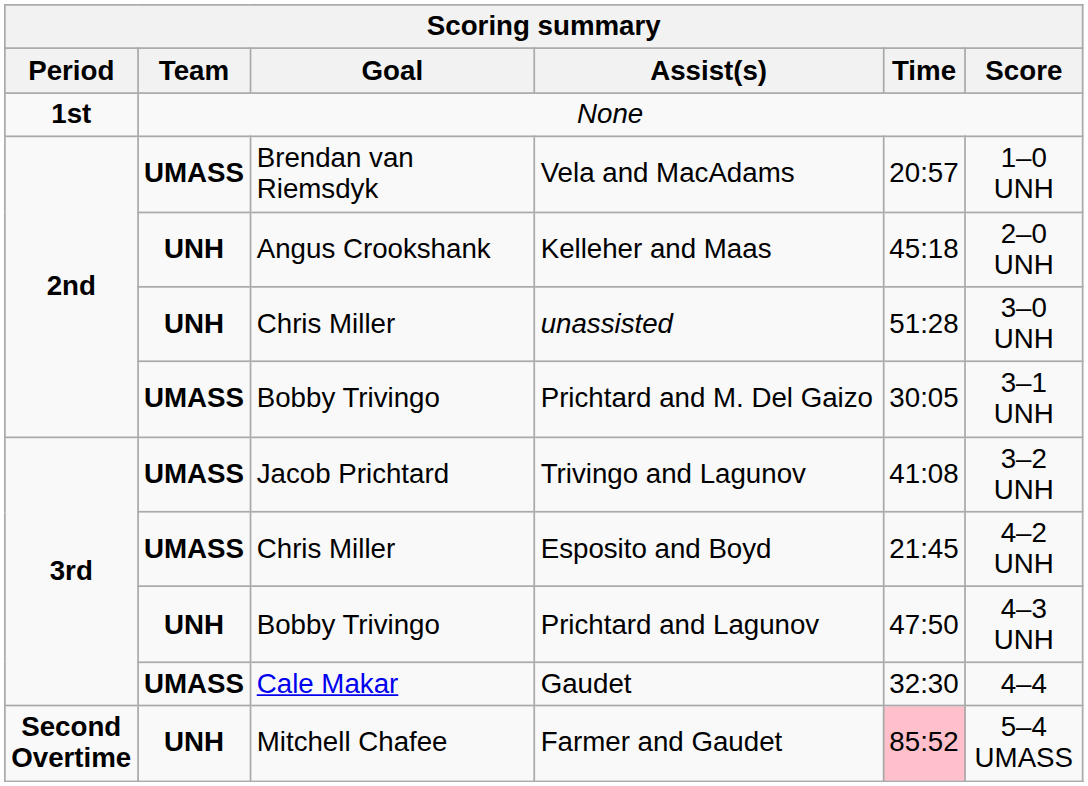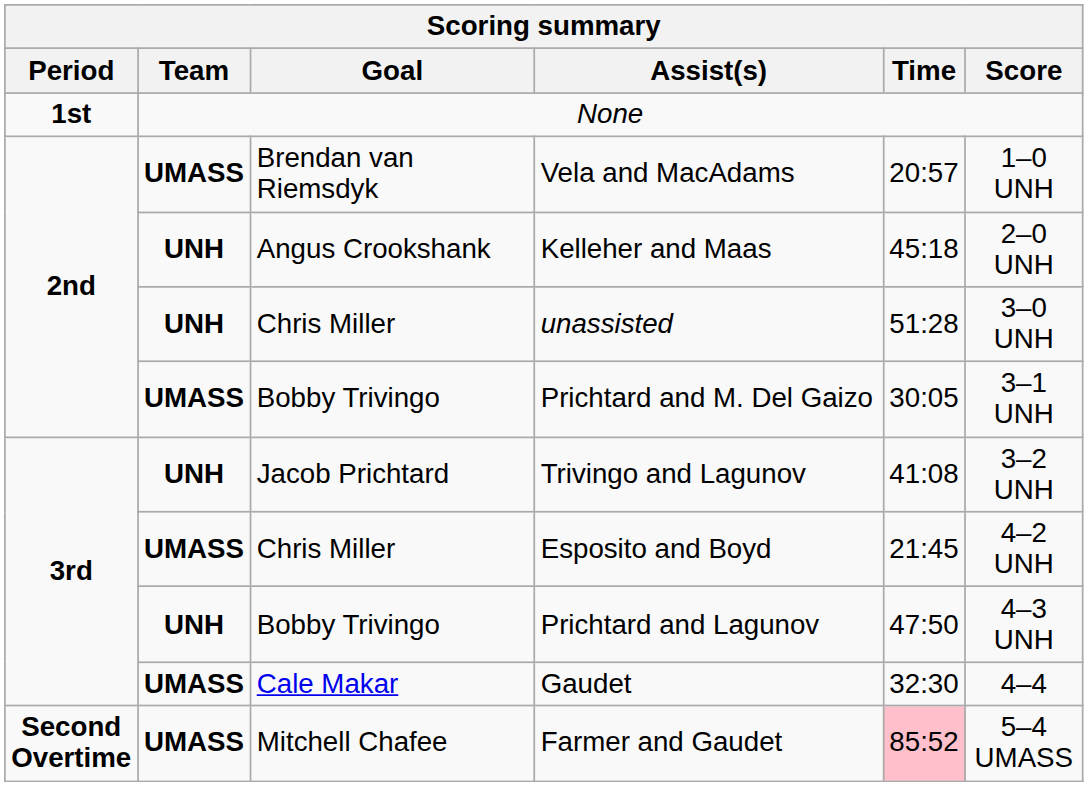 <table style="width:100%;" class="wikitable">
 <tr>
 <th colspan=6>Scoring summary</th>
 </tr>
 <tr>
 <th style="width:12%;">Period</th>
 <th style="width:7%;">Team</th>
 <th style="width:28%;">Goal</th>
 <th style="width:35%;">Assist(s)</th>
 <th style="width:7%;">Time</th>
 <th style="width:11%;">Score</th>
 </tr>
 <tr>
 <td style="text-align:center;" rowspan="1"><strong>1st</strong></td>
 <td style="text-align:center;" colspan="5"><em>None</em></td>
 </tr>
 <tr>
 <td style="text-align:center;" rowspan="4"><strong>2nd</strong></td>
 <td align=center><strong>UMASS</strong></td>
 <td>Brendan van Riemsdyk</td>
 <td>Vela and MacAdams</td>
 <td align=center>20:57</td>
 <td align=center>1–0 UNH</td>
 </tr>
 <tr>
 <td align=center><strong>UNH</strong></td>
 <td>Angus Crookshank</td>
 <td>Kelleher and Maas</td>
 <td align=center>45:18</td>
 <td align=center>2–0 UNH</td>
 </tr>
 <tr>
 <td align=center><strong>UNH</strong></td>
 <td>Chris Miller</td>
 <td><em>unassisted</em></td>
 <td align=center>51:28</td>
 <td align=center>3–0 UNH</td>
 </tr>
 <tr>
 <td align=center><strong>UMASS</strong></td>
 <td>Bobby Trivingo</td>
 <td>Prichtard and M. Del Gaizo</td>
 <td align=center>30:05</td>
 <td align=center>3–1 UNH</td>
 </tr>
 <tr>
 <td style="text-align:center;" rowspan="4"><strong>3rd</strong></td>
-<td align=center><strong>UMASS</strong></td>
+<td align=center><strong>UNH</strong></td>
 <td>Jacob Prichtard</td>
 <td>Trivingo and Lagunov</td>
 <td align=center>41:08</td>
 <td align=center>3–2 UNH</td>
 </tr>
 <tr>
 <td align=center><strong>UMASS</strong></td>
 <td>Chris Miller</td>
 <td>Esposito and Boyd</td>
 <td align=center>21:45</td>
 <td align=center>4–2 UNH</td>
 </tr>
 <tr>
 <td align=center><strong>UNH</strong></td>
 <td>Bobby Trivingo</td>
 <td>Prichtard and Lagunov</td>
 <td align=center>47:50</td>
 <td align=center>4–3 UNH</td>
 </tr>
 <tr>
 <td align=center><strong>UMASS</strong></td>
 <td><a href='#'>Cale Makar</a></td>
 <td>Gaudet</td>
 <td align=center>32:30</td>
 <td align=center>4–4</td>
 </tr>
 <tr>
 <td style="text-align:center;" rowspan="1"><strong>Second Overtime</strong></td>
-<td align=center><strong>UNH</strong></td>
+<td align=center><strong>UMASS</strong></td>
 <td>Mitchell Chafee</td>
 <td>Farmer and Gaudet</td>
 <td align=center style="background: pink;">85:52</td>
 <td align=center>5–4 UMASS</td>
 </tr>
 <tr>
 </tr>
 </table>
